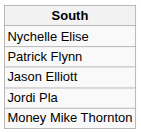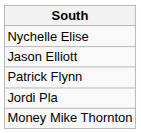 <table class="wikitable" style="display: inline-table;">
 <tr>
 <th>South</th>
 </tr>
 <tr>
 <td>Nychelle Elise</td>
 </tr>
 <tr>
-<td>Patrick Flynn</td>
+<td>Jason Elliott</td>
 </tr>
 <tr>
-<td>Jason Elliott</td>
+<td>Patrick Flynn</td>
 </tr>
 <tr>
 <td>Jordi Pla</td>
 </tr>
 <tr>
 <td>Money Mike Thornton</td>
 </tr>
 </table>
